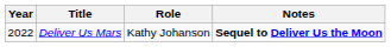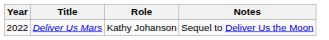 <table class="wikitable">
 <tr>
 <th>Year</th>
 <th>Title</th>
 <th>Role</th>
 <th>Notes</th>
 </tr>
 <tr>
 <td rowspan="2">2022</td>
 <td><em><a href='#'>Deliver Us Mars</a></em></td>
 <td>Kathy Johanson</td>
-<td><strong>Sequel to <a href='#'>Deliver Us the Moon</a></strong></td>
+<td>Sequel to <a href='#'>Deliver Us the Moon</a></td>
 </tr>
 </table>
